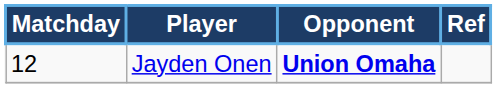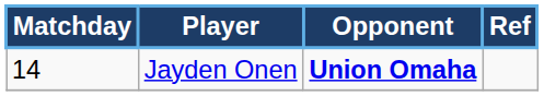 <table class=wikitable>
 <tr>
 <th style="background:#1D3C66; color:#FFFFFF; border:2px solid #5FAFE4;">Matchday</th>
 <th style="background:#1D3C66; color:#FFFFFF; border:2px solid #5FAFE4;">Player</th>
 <th style="background:#1D3C66; color:#FFFFFF; border:2px solid #5FAFE4;">Opponent</th>
 <th style="background:#1D3C66; color:#FFFFFF; border:2px solid #5FAFE4;">Ref</th>
 </tr>
 <tr>
-<td>12</td>
+<td>14</td>
 <td> <a href='#'>Jayden Onen</a></td>
 <td><strong><a href='#'>Union Omaha</a></strong></td>
 <td></td>
 </tr>
 <tr>
 </tr>
 </table>
